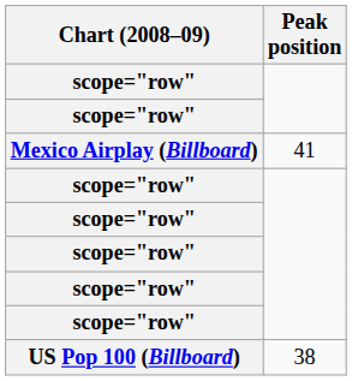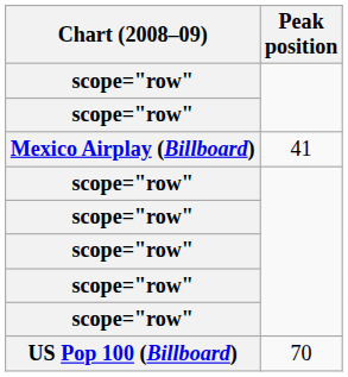 <table class="wikitable sortable plainrowheaders" style="text-align:center;">
 <tr>
 <th>Chart (2008–09)</th>
 <th>Peak<br>position</th>
 </tr>
 <tr>
 <th>scope="row" </th>
 </tr>
 <tr>
 <th>scope="row"</th>
 </tr>
 <tr>
 <th scope="row"><a href='#'>Mexico Airplay</a> (<em><a href='#'>Billboard</a></em>)</th>
 <td>41</td>
 </tr>
 <tr>
 <th>scope="row" </th>
 </tr>
 <tr>
 <th>scope="row"</th>
 </tr>
 <tr>
 <th>scope="row"</th>
 </tr>
 <tr>
 <th>scope="row"</th>
 </tr>
 <tr>
 <th>scope="row" </th>
 </tr>
 <tr>
 <th scope="row">US <a href='#'>Pop 100</a> (<em><a href='#'>Billboard</a></em>)</th>
-<td>38</td>
+<td>70</td>
 </tr>
 </table>
